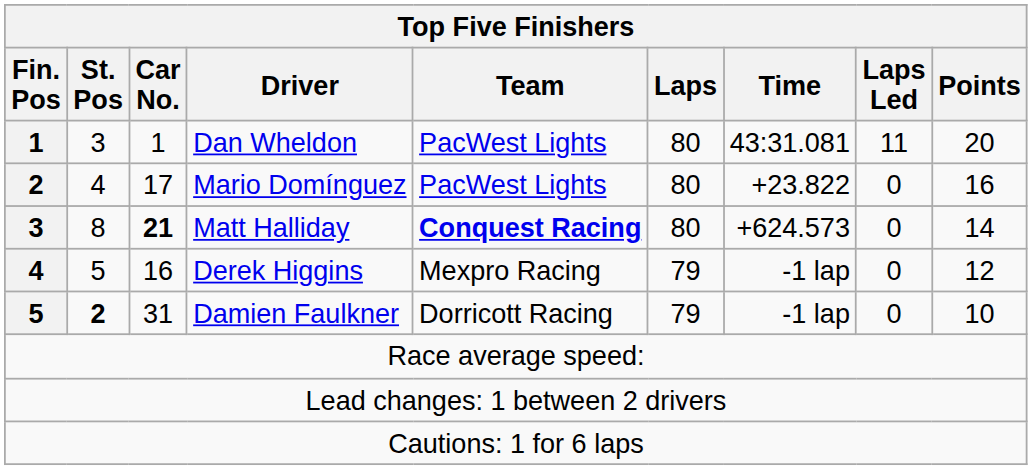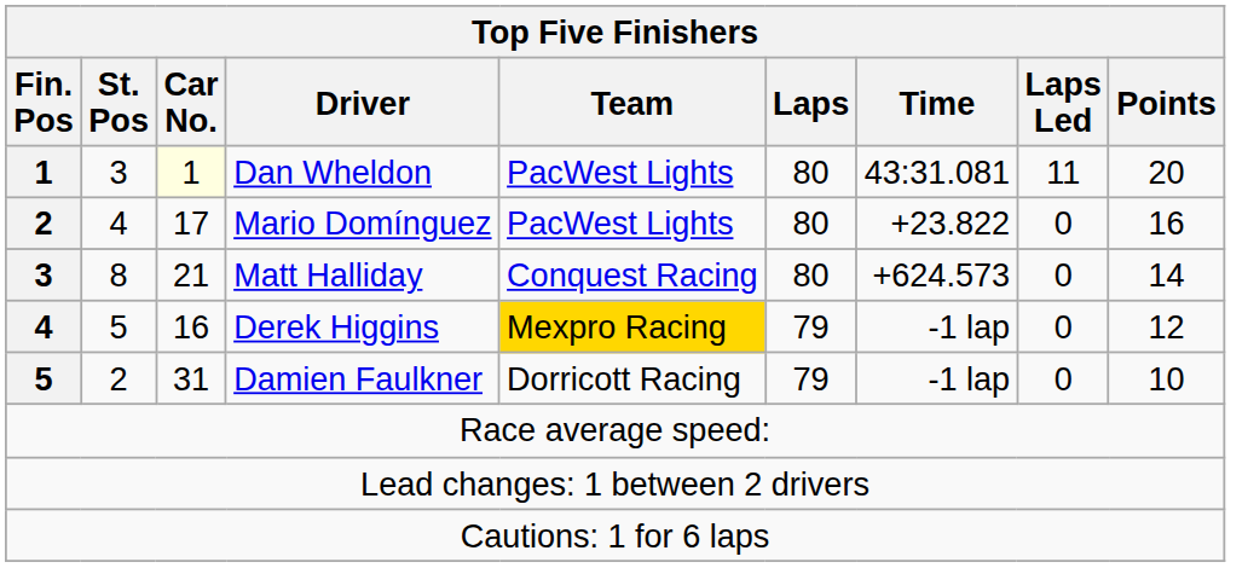 <table class="wikitable" style="font-size:95%;">
 <tr>
 <th colspan=9>Top Five Finishers</th>
 </tr>
 <tr>
 <th>Fin.<br>Pos</th>
 <th>St.<br>Pos</th>
 <th>Car<br>No.</th>
 <th>Driver</th>
 <th>Team</th>
 <th>Laps</th>
 <th>Time</th>
 <th>Laps<br>Led</th>
 <th>Points</th>
 </tr>
 <tr>
 <th>1</th>
 <td align=center>3</td>
-<td align=center>1</td>
+<td align=center style="background: lightyellow;">1</td>
 <td> <a href='#'>Dan Wheldon</a></td>
 <td><a href='#'>PacWest Lights</a></td>
 <td align=center>80</td>
 <td align=right>43:31.081</td>
 <td align=center>11</td>
 <td align=center>20</td>
 </tr>
 <tr>
 <th>2</th>
 <td align=center>4</td>
 <td align=center>17</td>
 <td> <a href='#'>Mario Domínguez</a></td>
 <td><a href='#'>PacWest Lights</a></td>
 <td align=center>80</td>
 <td align=right>+23.822</td>
 <td align=center>0</td>
 <td align=center>16</td>
 </tr>
 <tr>
 <th>3</th>
 <td align=center>8</td>
-<td align=center><strong>21</strong></td>
+<td align=center>21</td>
 <td> <a href='#'>Matt Halliday</a></td>
-<td><strong><a href='#'>Conquest Racing</a></strong></td>
+<td><a href='#'>Conquest Racing</a></td>
 <td align=center>80</td>
 <td align=right>+624.573</td>
 <td align=center>0</td>
 <td align=center>14</td>
 </tr>
 <tr>
 <th>4</th>
 <td align=center>5</td>
 <td align=center>16</td>
 <td> <a href='#'>Derek Higgins</a></td>
-<td>Mexpro Racing</td>
+<td style="background: gold;">Mexpro Racing</td>
 <td align=center>79</td>
 <td align=right>-1 lap</td>
 <td align=center>0</td>
 <td align=center>12</td>
 </tr>
 <tr>
 <th>5</th>
-<td align=center><strong>2</strong></td>
+<td align=center>2</td>
 <td align=center>31</td>
 <td> <a href='#'>Damien Faulkner</a></td>
 <td>Dorricott Racing</td>
 <td align=center>79</td>
 <td align=right>-1 lap</td>
 <td align=center>0</td>
 <td align=center>10</td>
 </tr>
 <tr>
 <td align=center colspan=9>Race average speed: </td>
 </tr>
 <tr>
 <td align=center colspan=9>Lead changes: 1 between 2 drivers</td>
 </tr>
 <tr>
 <td align=center colspan=9>Cautions: 1 for 6 laps</td>
 </tr>
 </table>
